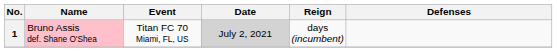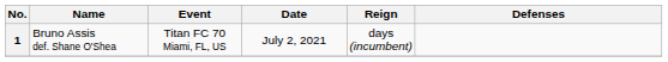 <table class="wikitable" width=100%>
 <tr>
 <th width=1%>No.</th>
 <th width=19%>Name</th>
 <th width=15%>Event</th>
 <th width=17%>Date</th>
 <th width=8%>Reign</th>
 <th width=40%>Defenses</th>
 </tr>
 <tr>
 <th>1</th>
-<td style="background: pink;"> Bruno Assis<small> <br>def. Shane O'Shea</small></td>
+<td> Bruno Assis<small> <br>def. Shane O'Shea</small></td>
 <td align=center>Titan FC 70<br><small>Miami, FL, US</small></td>
-<td align=center style="background: lightgrey;">July 2, 2021</td>
+<td align=center>July 2, 2021</td>
 <td align=center> days<br><em>(incumbent)</em></td>
 <td></td>
 </tr>
 <tr>
 </tr>
 </table>
